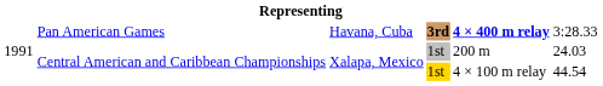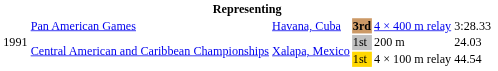 <table>
 <tr>
 <th colspan="6">Representing </th>
 </tr>
 <tr>
 <td rowspan=3>1991</td>
 <td><a href='#'>Pan American Games</a></td>
 <td><a href='#'>Havana, Cuba</a></td>
 <td bgcolor=cc9966><strong>3rd</strong></td>
-<td><strong><a href='#'>4 × 400 m relay</a></strong></td>
+<td><a href='#'>4 × 400 m relay</a></td>
 <td>3:28.33</td>
 </tr>
 <tr>
 <td rowspan=2><a href='#'>Central American and Caribbean Championships</a></td>
 <td rowspan=2><a href='#'>Xalapa, Mexico</a></td>
 <td bgcolor=silver>1st</td>
 <td>200 m</td>
 <td>24.03</td>
 </tr>
 <tr>
 <td bgcolor=gold>1st</td>
 <td>4 × 100 m relay</td>
 <td>44.54</td>
 </tr>
 </table>
